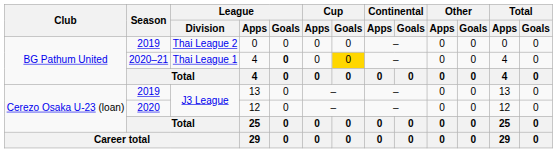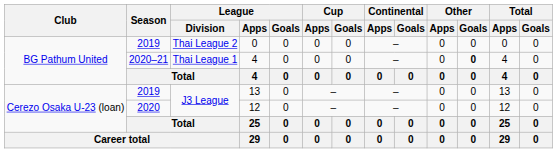 <table class="wikitable" style="text-align: center">
 <tr>
 <th rowspan="2">Club</th>
 <th rowspan="2">Season</th>
 <th colspan="3">League</th>
 <th colspan="2">Cup</th>
 <th colspan="2">Continental</th>
 <th colspan="2">Other</th>
 <th colspan="2">Total</th>
 </tr>
 <tr>
 <th>Division</th>
 <th>Apps</th>
 <th>Goals</th>
 <th>Apps</th>
 <th>Goals</th>
 <th>Apps</th>
 <th>Goals</th>
 <th>Apps</th>
 <th>Goals</th>
 <th>Apps</th>
 <th>Goals</th>
 </tr>
 <tr>
 <td rowspan="3"><a href='#'>BG Pathum United</a></td>
 <td><a href='#'>2019</a></td>
 <td><a href='#'>Thai League 2</a></td>
 <td>0</td>
 <td>0</td>
 <td>0</td>
 <td>0</td>
 <td colspan="2">–</td>
 <td>0</td>
 <td>0</td>
 <td>0</td>
 <td>0</td>
 </tr>
 <tr>
 <td><a href='#'>2020–21</a></td>
 <td><a href='#'>Thai League 1</a></td>
 <td>4</td>
-<td><strong>0</strong></td>
 <td>0</td>
-<td style="background: gold;">0</td>
+<td>0</td>
+<td>0</td>
 <td colspan="2">–</td>
 <td>0</td>
-<td>0</td>
+<td><strong>0</strong></td>
 <td>4</td>
 <td>0</td>
 </tr>
 <tr>
 <th colspan=2>Total</th>
 <th>4</th>
 <th>0</th>
 <th>0</th>
 <th>0</th>
 <th>0</th>
 <th>0</th>
 <th>0</th>
 <th>0</th>
 <th>4</th>
 <th>0</th>
 </tr>
 <tr>
 <td rowspan="3"><a href='#'>Cerezo Osaka U-23</a> (loan)</td>
 <td><a href='#'>2019</a></td>
 <td rowspan="2"><a href='#'>J3 League</a></td>
 <td>13</td>
 <td>0</td>
 <td colspan="2">–</td>
 <td colspan="2">–</td>
 <td>0</td>
 <td>0</td>
 <td>13</td>
 <td>0</td>
 </tr>
 <tr>
 <td><a href='#'>2020</a></td>
 <td>12</td>
 <td>0</td>
 <td colspan="2">–</td>
 <td colspan="2">–</td>
 <td>0</td>
 <td>0</td>
 <td>12</td>
 <td>0</td>
 </tr>
 <tr>
 <th colspan=2>Total</th>
 <th>25</th>
 <th>0</th>
 <th>0</th>
 <th>0</th>
 <th>0</th>
 <th>0</th>
 <th>0</th>
 <th>0</th>
 <th>25</th>
 <th>0</th>
 </tr>
 <tr>
 <th colspan=3>Career total</th>
 <th>29</th>
 <th>0</th>
 <th>0</th>
 <th>0</th>
 <th>0</th>
 <th>0</th>
 <th>0</th>
 <th>0</th>
 <th>29</th>
 <th>0</th>
 </tr>
 </table>
